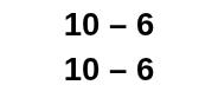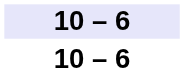 <table style="text-align:center">
 <tr>
 <th width=200></th>
 <th width=100></th>
 <th width=200></th>
 </tr>
 <tr>
 <td align=right></td>
-<td><strong>10 – 6</strong></td>
+<td style="background: lavender;"><strong>10 – 6</strong></td>
 <td align=left></td>
 </tr>
 <tr>
 <td align=right></td>
 <td><strong>10 – 6</strong></td>
 <td align=left></td>
 </tr>
 </table>
